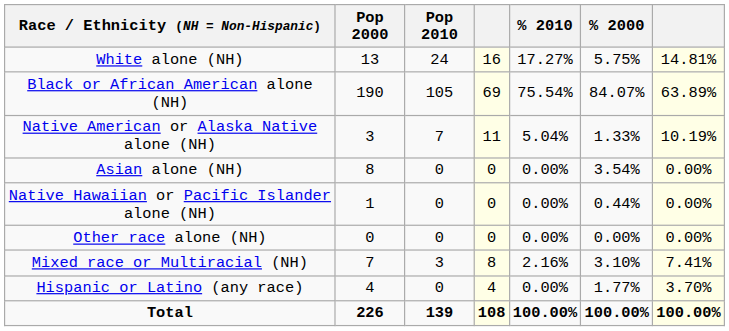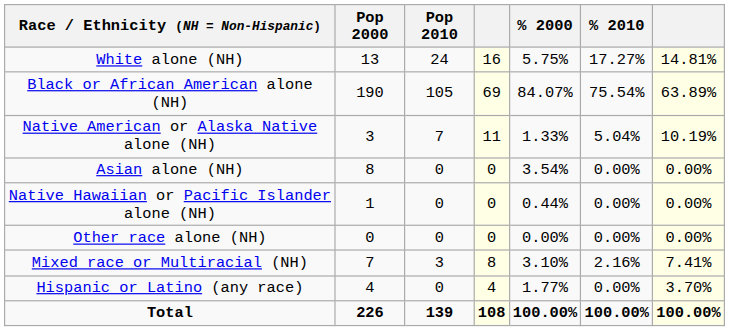 <table class="wikitable" style="text-align:center;">
 <tr>
 <th>Race / Ethnicity <small>(<em>NH = Non-Hispanic</em>)</small></th>
 <th>Pop 2000</th>
 <th>Pop 2010</th>
 <th></th>
+<th>% 2000</th>
 <th>% 2010</th>
-<th>% 2000</th>
 <th></th>
 </tr>
 <tr>
 <td><a href='#'>White</a> alone (NH)</td>
 <td>13</td>
 <td>24</td>
 <td style='background: #ffffe6;'>16</td>
+<td>5.75%</td>
 <td>17.27%</td>
-<td>5.75%</td>
 <td style='background: #ffffe6;'>14.81%</td>
 </tr>
 <tr>
 <td><a href='#'>Black or African American</a> alone (NH)</td>
 <td>190</td>
 <td>105</td>
 <td style='background: #ffffe6;'>69</td>
+<td>84.07%</td>
 <td>75.54%</td>
-<td>84.07%</td>
 <td style='background: #ffffe6;'>63.89%</td>
 </tr>
 <tr>
 <td><a href='#'>Native American</a> or <a href='#'>Alaska Native</a> alone (NH)</td>
 <td>3</td>
 <td>7</td>
 <td style='background: #ffffe6;'>11</td>
+<td>1.33%</td>
 <td>5.04%</td>
-<td>1.33%</td>
 <td style='background: #ffffe6;'>10.19%</td>
 </tr>
 <tr>
 <td><a href='#'>Asian</a> alone (NH)</td>
 <td>8</td>
 <td>0</td>
 <td style='background: #ffffe6;'>0</td>
+<td>3.54%</td>
 <td>0.00%</td>
-<td>3.54%</td>
 <td style='background: #ffffe6;'>0.00%</td>
 </tr>
 <tr>
 <td><a href='#'>Native Hawaiian</a> or <a href='#'>Pacific Islander</a> alone (NH)</td>
 <td>1</td>
 <td>0</td>
 <td style='background: #ffffe6;'>0</td>
+<td>0.44%</td>
 <td>0.00%</td>
-<td>0.44%</td>
 <td style='background: #ffffe6;'>0.00%</td>
 </tr>
 <tr>
 <td><a href='#'>Other race</a> alone (NH)</td>
 <td>0</td>
 <td>0</td>
 <td style='background: #ffffe6;'>0</td>
 <td>0.00%</td>
 <td>0.00%</td>
 <td style='background: #ffffe6;'>0.00%</td>
 </tr>
 <tr>
 <td><a href='#'>Mixed race or Multiracial</a> (NH)</td>
 <td>7</td>
 <td>3</td>
 <td style='background: #ffffe6;'>8</td>
+<td>3.10%</td>
 <td>2.16%</td>
-<td>3.10%</td>
 <td style='background: #ffffe6;'>7.41%</td>
 </tr>
 <tr>
 <td><a href='#'>Hispanic or Latino</a> (any race)</td>
 <td>4</td>
 <td>0</td>
 <td style='background: #ffffe6;'>4</td>
+<td>1.77%</td>
 <td>0.00%</td>
-<td>1.77%</td>
 <td style='background: #ffffe6;'>3.70%</td>
 </tr>
 <tr>
 <td><strong>Total</strong></td>
 <td><strong>226</strong></td>
 <td><strong>139</strong></td>
 <td style='background: #ffffe6;'><strong>108</strong></td>
 <td><strong>100.00%</strong></td>
 <td><strong>100.00%</strong></td>
 <td style='background: #ffffe6;'><strong>100.00%</strong></td>
 </tr>
 </table>
